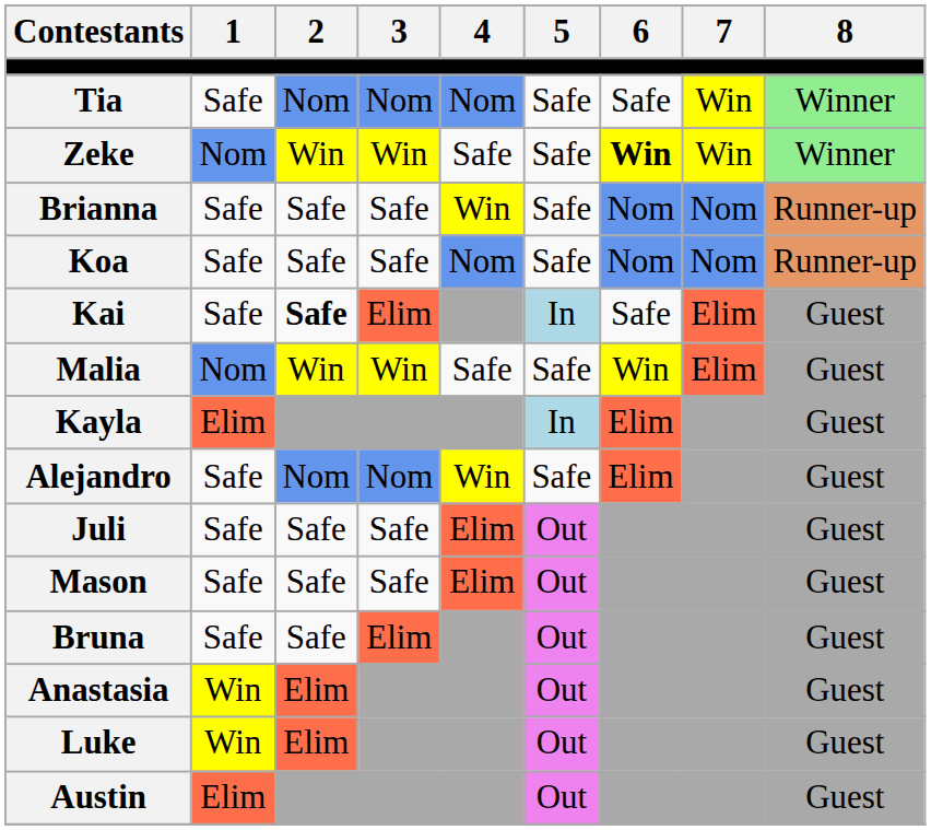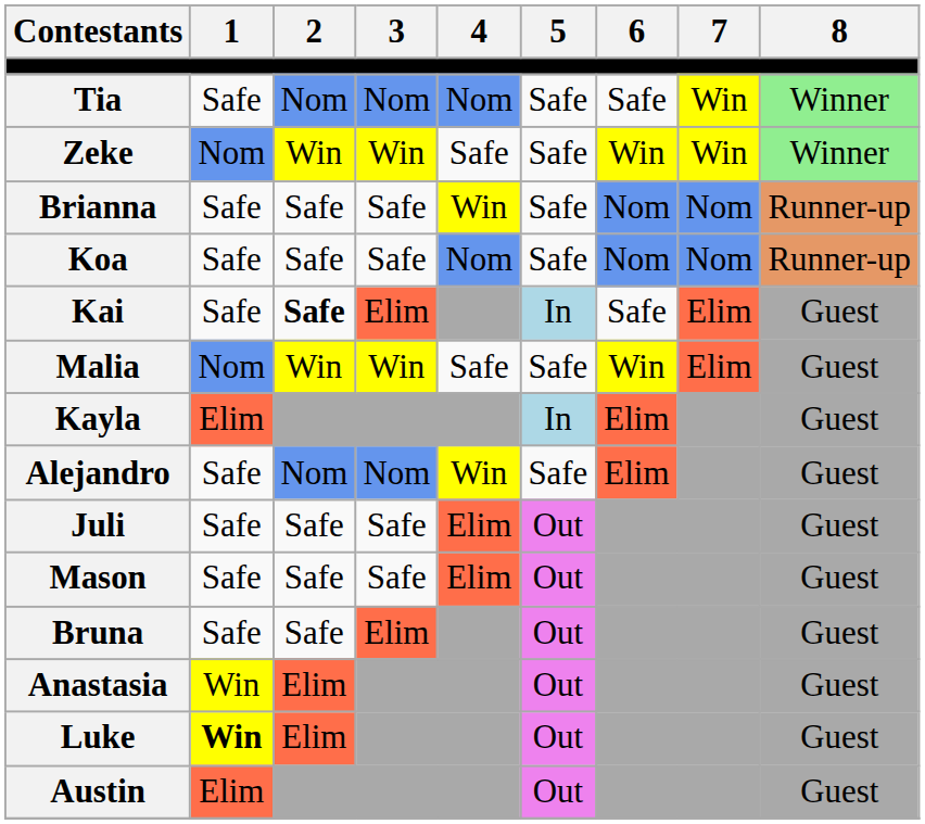 <table class="wikitable sortable" style="text-align:center; white-space:nowrap">
 <tr>
 <th rowspan=1>Contestants</th>
 <th rowspan=1>1</th>
 <th rowspan=1>2</th>
 <th rowspan=1>3</th>
 <th rowspan=1>4</th>
 <th rowspan=1>5</th>
 <th rowspan=1>6</th>
 <th rowspan=1>7</th>
 <th rowspan=1>8</th>
 </tr>
 <tr>
 <th colspan="14" style="background:#000"></th>
 </tr>
 <tr>
 <th rowspan>Tia</th>
 <td>Safe</td>
 <td bgcolor="#6495ed">Nom</td>
 <td bgcolor="#6495ed">Nom</td>
 <td bgcolor="#6495ed">Nom</td>
 <td>Safe</td>
 <td>Safe</td>
 <td bgcolor=#FFFF00>Win</td>
 <td bgcolor="90EE90">Winner</td>
 </tr>
 <tr>
 <th rowspan>Zeke</th>
 <td bgcolor="#6495ed">Nom</td>
 <td bgcolor=#FFFF00>Win</td>
 <td bgcolor=#FFFF00>Win</td>
 <td>Safe</td>
 <td>Safe</td>
-<td bgcolor=#FFFF00><strong>Win</strong></td>
+<td bgcolor=#FFFF00>Win</td>
 <td bgcolor=#FFFF00>Win</td>
 <td bgcolor="90EE90">Winner</td>
 </tr>
 <tr>
 <th rowspan>Brianna</th>
 <td>Safe</td>
 <td>Safe</td>
 <td>Safe</td>
 <td bgcolor=#FFFF00>Win</td>
 <td>Safe</td>
 <td bgcolor="#6495ed">Nom</td>
 <td bgcolor="#6495ed">Nom</td>
 <td bgcolor="E59866">Runner-up</td>
 </tr>
 <tr>
 <th rowspan>Koa</th>
 <td>Safe</td>
 <td>Safe</td>
 <td>Safe</td>
 <td bgcolor="#6495ed">Nom</td>
 <td>Safe</td>
 <td bgcolor="#6495ed">Nom</td>
 <td bgcolor="#6495ed">Nom</td>
 <td bgcolor="E59866">Runner-up</td>
 </tr>
 <tr>
 <th rowspan>Kai</th>
 <td>Safe</td>
 <td><strong>Safe</strong></td>
 <td bgcolor="FF6E4A">Elim</td>
 <td bgcolor=#A9A9A9 colspan="1"></td>
 <td bgcolor=ADD8E6>In</td>
 <td>Safe</td>
 <td bgcolor="FF6E4A">Elim</td>
 <td bgcolor=#A9A9A9 colspan="1">Guest</td>
 </tr>
 <tr>
 <th rowspan>Malia</th>
 <td bgcolor="#6495ed">Nom</td>
 <td bgcolor=#FFFF00>Win</td>
 <td bgcolor=#FFFF00>Win</td>
 <td>Safe</td>
 <td>Safe</td>
 <td bgcolor=#FFFF00>Win</td>
 <td bgcolor="FF6E4A">Elim</td>
 <td bgcolor=#A9A9A9 colspan="1">Guest</td>
 </tr>
 <tr>
 <th rowspan>Kayla</th>
 <td bgcolor="FF6E4A">Elim</td>
 <td bgcolor=#A9A9A9 colspan="3"></td>
 <td bgcolor=ADD8E6>In</td>
 <td bgcolor="FF6E4A">Elim</td>
 <td bgcolor=#A9A9A9 colspan="1"></td>
 <td bgcolor=#A9A9A9 colspan="1">Guest</td>
 </tr>
 <tr>
 <th rowspan>Alejandro</th>
 <td>Safe</td>
 <td bgcolor="#6495ed">Nom</td>
 <td bgcolor="#6495ed">Nom</td>
 <td bgcolor=#FFFF00>Win</td>
 <td>Safe</td>
 <td bgcolor="FF6E4A">Elim</td>
 <td bgcolor=#A9A9A9 colspan="1"></td>
 <td bgcolor=#A9A9A9 colspan="1">Guest</td>
 </tr>
 <tr>
 <th rowspan>Juli</th>
 <td>Safe</td>
 <td>Safe</td>
 <td>Safe</td>
 <td bgcolor="FF6E4A">Elim</td>
 <td bgcolor="violet">Out</td>
 <td bgcolor=#A9A9A9 colspan="2"></td>
 <td bgcolor=#A9A9A9 colspan="1">Guest</td>
 </tr>
 <tr>
 <th rowspan>Mason</th>
 <td>Safe</td>
 <td>Safe</td>
 <td>Safe</td>
 <td bgcolor="FF6E4A">Elim</td>
 <td bgcolor="violet">Out</td>
 <td bgcolor=#A9A9A9 colspan="2"></td>
 <td bgcolor=#A9A9A9 colspan="1">Guest</td>
 </tr>
 <tr>
 <th rowspan>Bruna</th>
 <td>Safe</td>
 <td>Safe</td>
 <td bgcolor="FF6E4A">Elim</td>
 <td bgcolor=#A9A9A9 colspan="1"></td>
 <td bgcolor="violet">Out</td>
 <td bgcolor=#A9A9A9 colspan="2"></td>
 <td bgcolor=#A9A9A9 colspan="1">Guest</td>
 </tr>
 <tr>
 <th rowspan>Anastasia</th>
 <td bgcolor=#FFFF00>Win</td>
 <td bgcolor="FF6E4A">Elim</td>
 <td bgcolor=#A9A9A9 colspan="2"></td>
 <td bgcolor="violet">Out</td>
 <td bgcolor=#A9A9A9 colspan="2"></td>
 <td bgcolor=#A9A9A9 colspan="1">Guest</td>
 </tr>
 <tr>
 <th rowspan>Luke</th>
-<td bgcolor=#FFFF00>Win</td>
+<td bgcolor=#FFFF00><strong>Win</strong></td>
 <td bgcolor="FF6E4A">Elim</td>
 <td bgcolor=#A9A9A9 colspan="2"></td>
 <td bgcolor="violet">Out</td>
 <td bgcolor=#A9A9A9 colspan="2"></td>
 <td bgcolor=#A9A9A9 colspan="1">Guest</td>
 </tr>
 <tr>
 <th rowspan>Austin</th>
 <td bgcolor="FF6E4A">Elim</td>
 <td bgcolor=#A9A9A9 colspan="3"></td>
 <td bgcolor="violet">Out</td>
 <td bgcolor=#A9A9A9 colspan="2"></td>
 <td bgcolor=#A9A9A9 colspan="1">Guest</td>
 </tr>
 <tr>
 </tr>
 </table>
